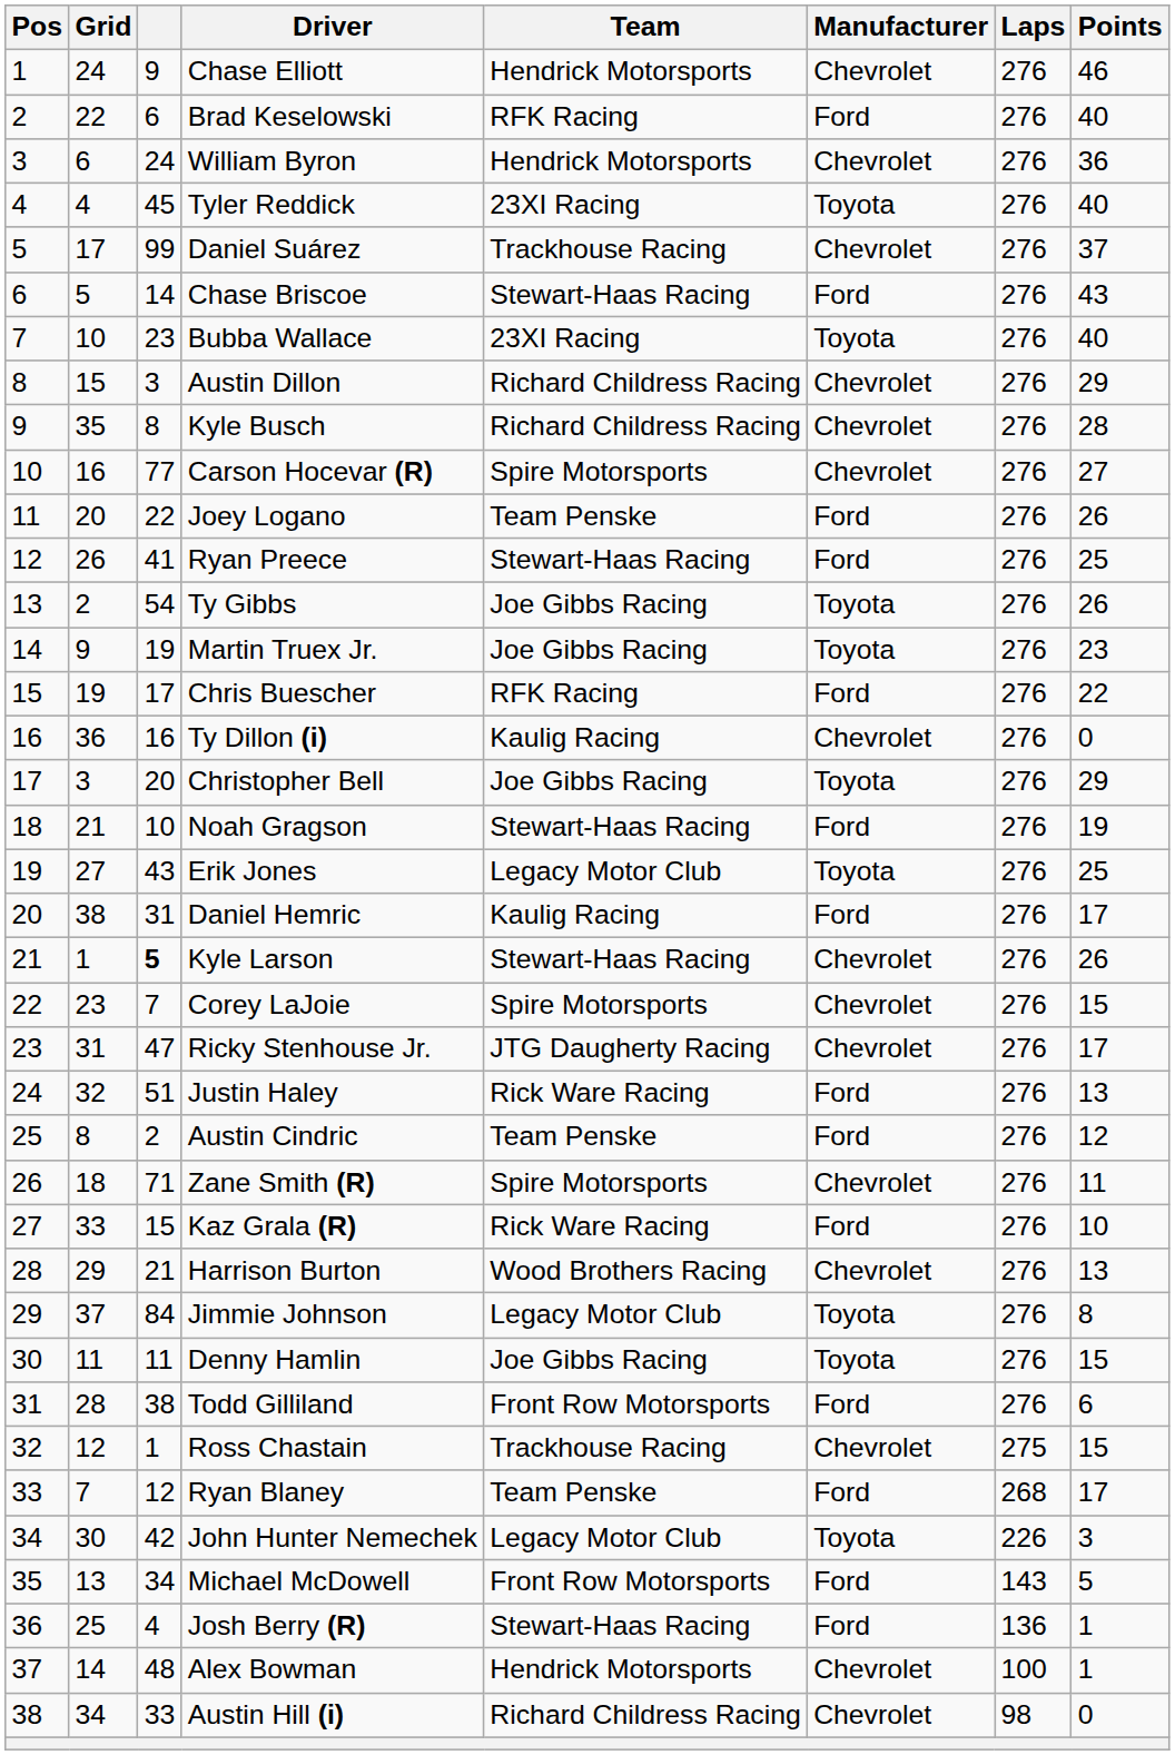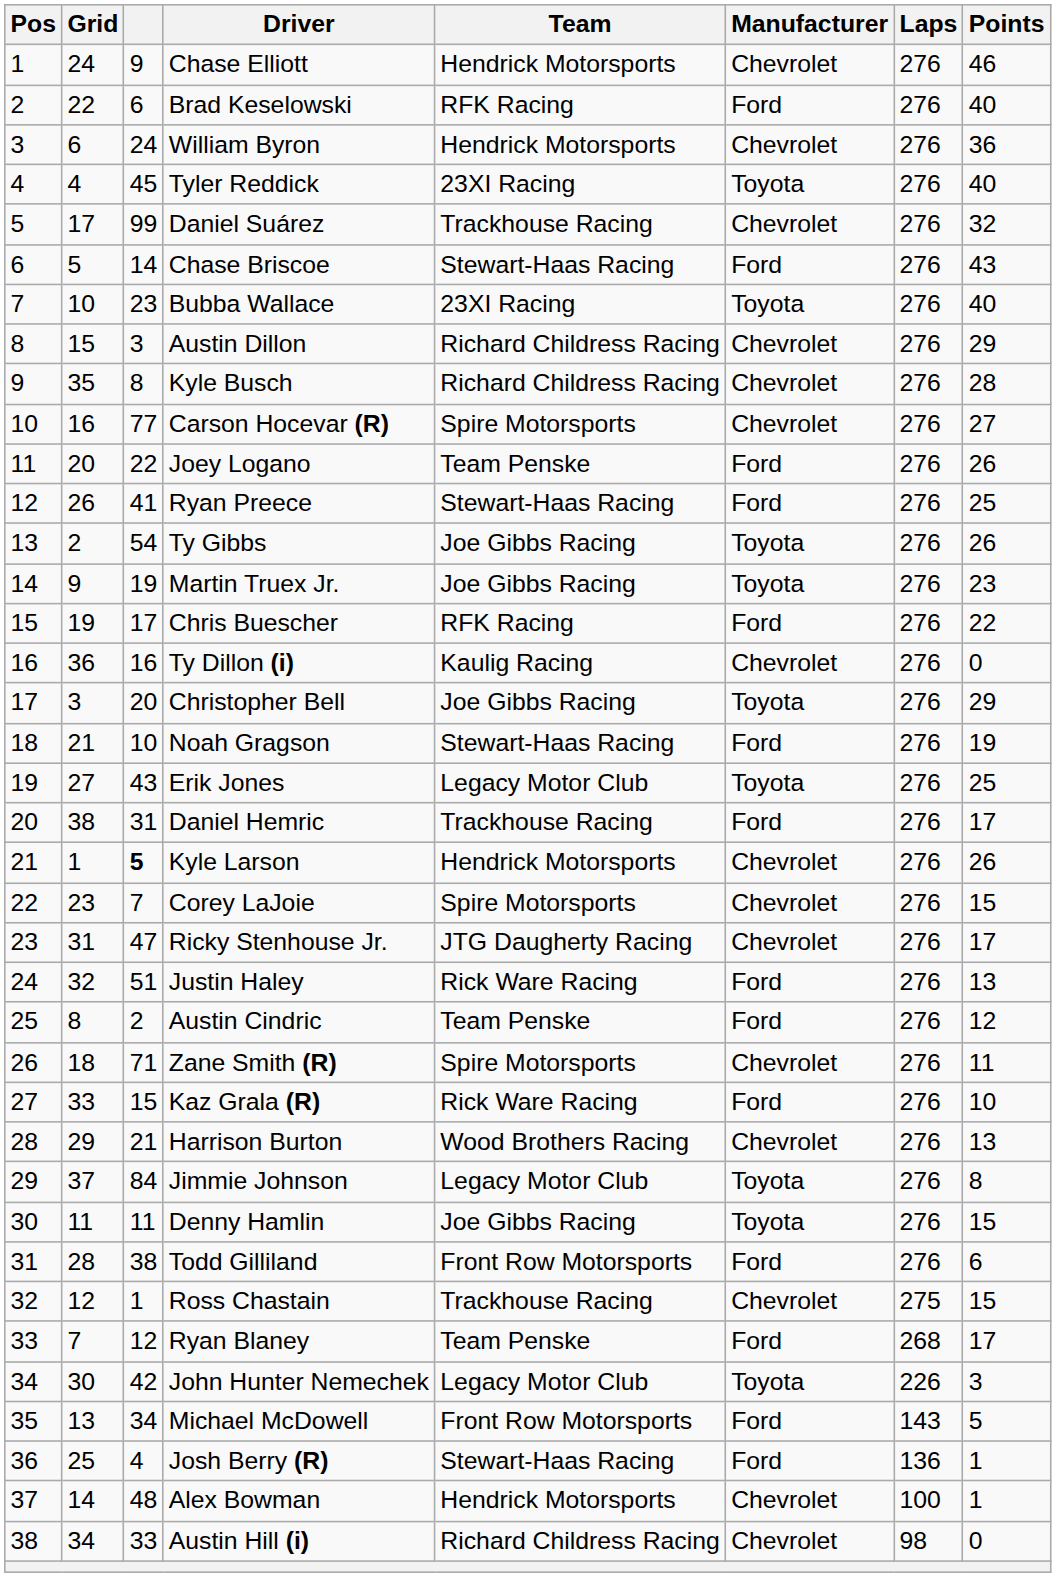 <table class="wikitable" style="font-size:98%">
 <tr>
 <th>Pos</th>
 <th>Grid</th>
 <th></th>
 <th>Driver</th>
 <th>Team</th>
 <th>Manufacturer</th>
 <th>Laps</th>
 <th>Points</th>
 </tr>
 <tr>
 <td>1</td>
 <td>24</td>
 <td>9</td>
 <td>Chase Elliott</td>
 <td>Hendrick Motorsports</td>
 <td>Chevrolet</td>
 <td>276</td>
 <td>46</td>
 </tr>
 <tr>
 <td>2</td>
 <td>22</td>
 <td>6</td>
 <td>Brad Keselowski</td>
 <td>RFK Racing</td>
 <td>Ford</td>
 <td>276</td>
 <td>40</td>
 </tr>
 <tr>
 <td>3</td>
 <td>6</td>
 <td>24</td>
 <td>William Byron</td>
 <td>Hendrick Motorsports</td>
 <td>Chevrolet</td>
 <td>276</td>
 <td>36</td>
 </tr>
 <tr>
 <td>4</td>
 <td>4</td>
 <td>45</td>
 <td>Tyler Reddick</td>
 <td>23XI Racing</td>
 <td>Toyota</td>
 <td>276</td>
 <td>40</td>
 </tr>
 <tr>
 <td>5</td>
 <td>17</td>
 <td>99</td>
 <td>Daniel Suárez</td>
 <td>Trackhouse Racing</td>
 <td>Chevrolet</td>
 <td>276</td>
-<td>37</td>
+<td>32</td>
 </tr>
 <tr>
 <td>6</td>
 <td>5</td>
 <td>14</td>
 <td>Chase Briscoe</td>
 <td>Stewart-Haas Racing</td>
 <td>Ford</td>
 <td>276</td>
 <td>43</td>
 </tr>
 <tr>
 <td>7</td>
 <td>10</td>
 <td>23</td>
 <td>Bubba Wallace</td>
 <td>23XI Racing</td>
 <td>Toyota</td>
 <td>276</td>
 <td>40</td>
 </tr>
 <tr>
 <td>8</td>
 <td>15</td>
 <td>3</td>
 <td>Austin Dillon</td>
 <td>Richard Childress Racing</td>
 <td>Chevrolet</td>
 <td>276</td>
 <td>29</td>
 </tr>
 <tr>
 <td>9</td>
 <td>35</td>
 <td>8</td>
 <td>Kyle Busch</td>
 <td>Richard Childress Racing</td>
 <td>Chevrolet</td>
 <td>276</td>
 <td>28</td>
 </tr>
 <tr>
 <td>10</td>
 <td>16</td>
 <td>77</td>
 <td>Carson Hocevar <strong>(R)</strong></td>
 <td>Spire Motorsports</td>
 <td>Chevrolet</td>
 <td>276</td>
 <td>27</td>
 </tr>
 <tr>
 <td>11</td>
 <td>20</td>
 <td>22</td>
 <td>Joey Logano</td>
 <td>Team Penske</td>
 <td>Ford</td>
 <td>276</td>
 <td>26</td>
 </tr>
 <tr>
 <td>12</td>
 <td>26</td>
 <td>41</td>
 <td>Ryan Preece</td>
 <td>Stewart-Haas Racing</td>
 <td>Ford</td>
 <td>276</td>
 <td>25</td>
 </tr>
 <tr>
 <td>13</td>
 <td>2</td>
 <td>54</td>
 <td>Ty Gibbs</td>
 <td>Joe Gibbs Racing</td>
 <td>Toyota</td>
 <td>276</td>
 <td>26</td>
 </tr>
 <tr>
 <td>14</td>
 <td>9</td>
 <td>19</td>
 <td>Martin Truex Jr.</td>
 <td>Joe Gibbs Racing</td>
 <td>Toyota</td>
 <td>276</td>
 <td>23</td>
 </tr>
 <tr>
 <td>15</td>
 <td>19</td>
 <td>17</td>
 <td>Chris Buescher</td>
 <td>RFK Racing</td>
 <td>Ford</td>
 <td>276</td>
 <td>22</td>
 </tr>
 <tr>
 <td>16</td>
 <td>36</td>
 <td>16</td>
 <td>Ty Dillon <strong>(i)</strong></td>
 <td>Kaulig Racing</td>
 <td>Chevrolet</td>
 <td>276</td>
 <td>0</td>
 </tr>
 <tr>
 <td>17</td>
 <td>3</td>
 <td>20</td>
 <td>Christopher Bell</td>
 <td>Joe Gibbs Racing</td>
 <td>Toyota</td>
 <td>276</td>
 <td>29</td>
 </tr>
 <tr>
 <td>18</td>
 <td>21</td>
 <td>10</td>
 <td>Noah Gragson</td>
 <td>Stewart-Haas Racing</td>
 <td>Ford</td>
 <td>276</td>
 <td>19</td>
 </tr>
 <tr>
 <td>19</td>
 <td>27</td>
 <td>43</td>
 <td>Erik Jones</td>
 <td>Legacy Motor Club</td>
 <td>Toyota</td>
 <td>276</td>
 <td>25</td>
 </tr>
 <tr>
 <td>20</td>
 <td>38</td>
 <td>31</td>
 <td>Daniel Hemric</td>
-<td>Kaulig Racing</td>
+<td>Trackhouse Racing</td>
 <td>Ford</td>
 <td>276</td>
 <td>17</td>
 </tr>
 <tr>
 <td>21</td>
 <td>1</td>
 <td><strong>5</strong></td>
 <td>Kyle Larson</td>
-<td>Stewart-Haas Racing</td>
+<td>Hendrick Motorsports</td>
 <td>Chevrolet</td>
 <td>276</td>
 <td>26</td>
 </tr>
 <tr>
 <td>22</td>
 <td>23</td>
 <td>7</td>
 <td>Corey LaJoie</td>
 <td>Spire Motorsports</td>
 <td>Chevrolet</td>
 <td>276</td>
 <td>15</td>
 </tr>
 <tr>
 <td>23</td>
 <td>31</td>
 <td>47</td>
 <td>Ricky Stenhouse Jr.</td>
 <td>JTG Daugherty Racing</td>
 <td>Chevrolet</td>
 <td>276</td>
 <td>17</td>
 </tr>
 <tr>
 <td>24</td>
 <td>32</td>
 <td>51</td>
 <td>Justin Haley</td>
 <td>Rick Ware Racing</td>
 <td>Ford</td>
 <td>276</td>
 <td>13</td>
 </tr>
 <tr>
 <td>25</td>
 <td>8</td>
 <td>2</td>
 <td>Austin Cindric</td>
 <td>Team Penske</td>
 <td>Ford</td>
 <td>276</td>
 <td>12</td>
 </tr>
 <tr>
 <td>26</td>
 <td>18</td>
 <td>71</td>
 <td>Zane Smith <strong>(R)</strong></td>
 <td>Spire Motorsports</td>
 <td>Chevrolet</td>
 <td>276</td>
 <td>11</td>
 </tr>
 <tr>
 <td>27</td>
 <td>33</td>
 <td>15</td>
 <td>Kaz Grala <strong>(R)</strong></td>
 <td>Rick Ware Racing</td>
 <td>Ford</td>
 <td>276</td>
 <td>10</td>
 </tr>
 <tr>
 <td>28</td>
 <td>29</td>
 <td>21</td>
 <td>Harrison Burton</td>
 <td>Wood Brothers Racing</td>
 <td>Chevrolet</td>
 <td>276</td>
 <td>13</td>
 </tr>
 <tr>
 <td>29</td>
 <td>37</td>
 <td>84</td>
 <td>Jimmie Johnson</td>
 <td>Legacy Motor Club</td>
 <td>Toyota</td>
 <td>276</td>
 <td>8</td>
 </tr>
 <tr>
 <td>30</td>
 <td>11</td>
 <td>11</td>
 <td>Denny Hamlin</td>
 <td>Joe Gibbs Racing</td>
 <td>Toyota</td>
 <td>276</td>
 <td>15</td>
 </tr>
 <tr>
 <td>31</td>
 <td>28</td>
 <td>38</td>
 <td>Todd Gilliland</td>
 <td>Front Row Motorsports</td>
 <td>Ford</td>
 <td>276</td>
 <td>6</td>
 </tr>
 <tr>
 <td>32</td>
 <td>12</td>
 <td>1</td>
 <td>Ross Chastain</td>
 <td>Trackhouse Racing</td>
 <td>Chevrolet</td>
 <td>275</td>
 <td>15</td>
 </tr>
 <tr>
 <td>33</td>
 <td>7</td>
 <td>12</td>
 <td>Ryan Blaney</td>
 <td>Team Penske</td>
 <td>Ford</td>
 <td>268</td>
 <td>17</td>
 </tr>
 <tr>
 <td>34</td>
 <td>30</td>
 <td>42</td>
 <td>John Hunter Nemechek</td>
 <td>Legacy Motor Club</td>
 <td>Toyota</td>
 <td>226</td>
 <td>3</td>
 </tr>
 <tr>
 <td>35</td>
 <td>13</td>
 <td>34</td>
 <td>Michael McDowell</td>
 <td>Front Row Motorsports</td>
 <td>Ford</td>
 <td>143</td>
 <td>5</td>
 </tr>
 <tr>
 <td>36</td>
 <td>25</td>
 <td>4</td>
 <td>Josh Berry <strong>(R)</strong></td>
 <td>Stewart-Haas Racing</td>
 <td>Ford</td>
 <td>136</td>
 <td>1</td>
 </tr>
 <tr>
 <td>37</td>
 <td>14</td>
 <td>48</td>
 <td>Alex Bowman</td>
 <td>Hendrick Motorsports</td>
 <td>Chevrolet</td>
 <td>100</td>
 <td>1</td>
 </tr>
 <tr>
 <td>38</td>
 <td>34</td>
 <td>33</td>
 <td>Austin Hill <strong>(i)</strong></td>
 <td>Richard Childress Racing</td>
 <td>Chevrolet</td>
 <td>98</td>
 <td>0</td>
 </tr>
 <tr>
 <th colspan="8"></th>
 </tr>
 </table>
